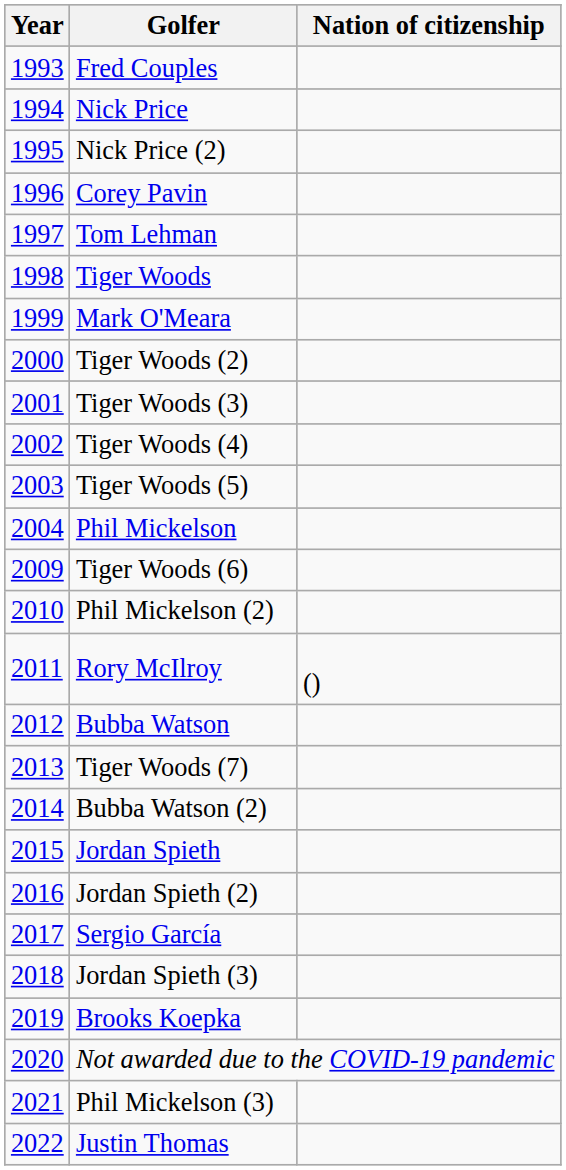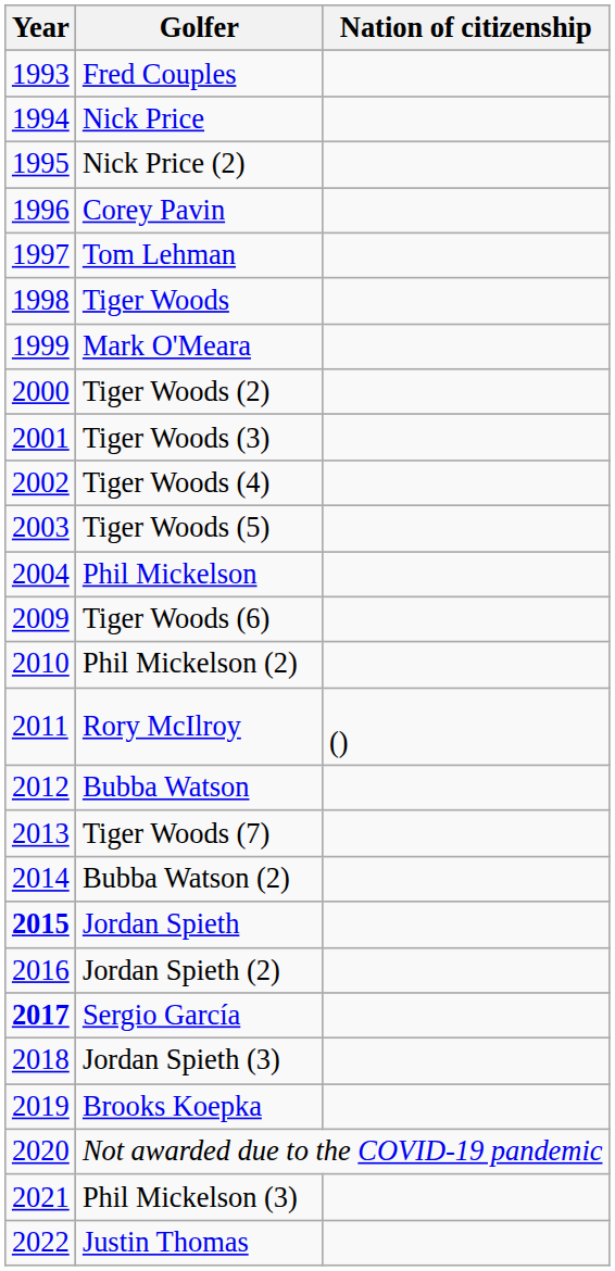 <table class="wikitable">
 <tr style="white-space: nowrap;">
 <th>Year</th>
 <th>Golfer</th>
 <th>Nation of citizenship</th>
 </tr>
 <tr>
 <td><a href='#'>1993</a></td>
 <td><a href='#'>Fred Couples</a></td>
 <td></td>
 </tr>
 <tr>
 <td><a href='#'>1994</a></td>
 <td><a href='#'>Nick Price</a></td>
 <td></td>
 </tr>
 <tr>
 <td><a href='#'>1995</a></td>
 <td>Nick Price (2)</td>
 <td></td>
 </tr>
 <tr>
 <td><a href='#'>1996</a></td>
 <td><a href='#'>Corey Pavin</a></td>
 <td></td>
 </tr>
 <tr>
 <td><a href='#'>1997</a></td>
 <td><a href='#'>Tom Lehman</a></td>
 <td></td>
 </tr>
 <tr>
 <td><a href='#'>1998</a></td>
 <td><a href='#'>Tiger Woods</a></td>
 <td></td>
 </tr>
 <tr>
 <td><a href='#'>1999</a></td>
 <td><a href='#'>Mark O'Meara</a></td>
 <td></td>
 </tr>
 <tr>
 <td><a href='#'>2000</a></td>
 <td>Tiger Woods (2)</td>
 <td></td>
 </tr>
 <tr>
 <td><a href='#'>2001</a></td>
 <td>Tiger Woods (3)</td>
 <td></td>
 </tr>
 <tr>
 <td><a href='#'>2002</a></td>
 <td>Tiger Woods (4)</td>
 <td></td>
 </tr>
 <tr>
 <td><a href='#'>2003</a></td>
 <td>Tiger Woods (5)</td>
 <td></td>
 </tr>
 <tr>
 <td><a href='#'>2004</a></td>
 <td><a href='#'>Phil Mickelson</a></td>
 <td></td>
 </tr>
 <tr>
 <td><a href='#'>2009</a></td>
 <td>Tiger Woods (6)</td>
 <td></td>
 </tr>
 <tr>
 <td><a href='#'>2010</a></td>
 <td>Phil Mickelson (2)</td>
 <td></td>
 </tr>
 <tr>
 <td><a href='#'>2011</a></td>
 <td><a href='#'>Rory McIlroy</a></td>
 <td><br>()</td>
 </tr>
 <tr>
 <td><a href='#'>2012</a></td>
 <td><a href='#'>Bubba Watson</a></td>
 <td></td>
 </tr>
 <tr>
 <td><a href='#'>2013</a></td>
 <td>Tiger Woods (7)</td>
 <td></td>
 </tr>
 <tr>
 <td><a href='#'>2014</a></td>
 <td>Bubba Watson (2)</td>
 <td></td>
 </tr>
 <tr>
-<td><a href='#'>2015</a></td>
+<td><strong><a href='#'>2015</a></strong></td>
 <td><a href='#'>Jordan Spieth</a></td>
 <td></td>
 </tr>
 <tr>
 <td><a href='#'>2016</a></td>
 <td>Jordan Spieth (2)</td>
 <td></td>
 </tr>
 <tr>
-<td><a href='#'>2017</a></td>
+<td><strong><a href='#'>2017</a></strong></td>
 <td><a href='#'>Sergio García</a></td>
 <td></td>
 </tr>
 <tr>
 <td><a href='#'>2018</a></td>
 <td>Jordan Spieth (3)</td>
 <td></td>
 </tr>
 <tr>
 <td><a href='#'>2019</a></td>
 <td><a href='#'>Brooks Koepka</a></td>
 <td></td>
 </tr>
 <tr>
 <td><a href='#'>2020</a></td>
 <td colspan=2 align=center><em>Not awarded due to the <a href='#'>COVID-19 pandemic</a></em></td>
 </tr>
 <tr>
 <td><a href='#'>2021</a></td>
 <td>Phil Mickelson (3)</td>
 <td></td>
 </tr>
 <tr>
 <td><a href='#'>2022</a></td>
 <td><a href='#'>Justin Thomas</a></td>
 <td></td>
 </tr>
 </table>
